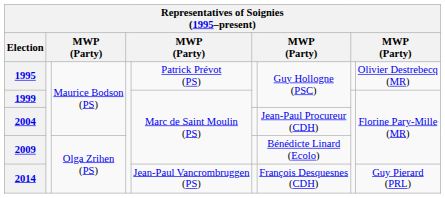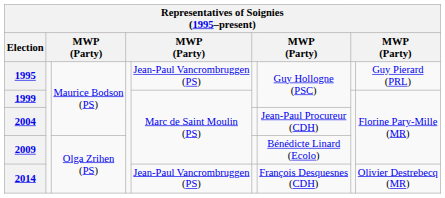 <table class="wikitable" style="text-align:center">
 <tr>
 <th colspan="9">Representatives of Soignies<br>(<a href='#'>1995</a>–present)</th>
 </tr>
 <tr>
 <th>Election</th>
 <th colspan=2>MWP<br>(Party)</th>
 <th colspan=2>MWP<br>(Party)</th>
 <th colspan=2>MWP<br>(Party)</th>
 <th colspan=2>MWP<br>(Party)</th>
 </tr>
 <tr>
 <th><a href='#'>1995</a></th>
 <td rowspan=5; style="background-color: "></td>
 <td rowspan=3><a href='#'>Maurice Bodson</a><br>(<a href='#'>PS</a>)</td>
 <td rowspan=5; style="background-color: "></td>
-<td rowspan=1><a href='#'>Patrick Prévot</a><br>(<a href='#'>PS</a>)</td>
+<td rowspan=1><a href='#'>Jean-Paul Vancrombruggen</a><br>(<a href='#'>PS</a>)</td>
 <td rowspan=2; style="background-color: "></td>
 <td rowspan=2><a href='#'>Guy Hollogne</a><br>(<a href='#'>PSC</a>)</td>
 <td rowspan=1; style="background-color: "></td>
-<td rowspan=1><a href='#'>Olivier Destrebecq</a><br>(<a href='#'>MR</a>)</td>
+<td rowspan=1><a href='#'>Guy Pierard</a><br>(<a href='#'>PRL</a>)</td>
 </tr>
 <tr>
 <th><a href='#'>1999</a></th>
 <td rowspan=3><a href='#'>Marc de Saint Moulin</a><br>(<a href='#'>PS</a>)</td>
 <td rowspan=4; style="background-color: "></td>
 <td rowspan=3><a href='#'>Florine Pary-Mille</a><br>(<a href='#'>MR</a>)</td>
 </tr>
 <tr>
 <th><a href='#'>2004</a></th>
 <td rowspan=1; style="background-color: "></td>
 <td rowspan=1><a href='#'>Jean-Paul Procureur</a><br>(<a href='#'>CDH</a>)</td>
 </tr>
 <tr>
 <th><a href='#'>2009</a></th>
 <td rowspan=2><a href='#'>Olga Zrihen</a><br>(<a href='#'>PS</a>)</td>
 <td rowspan=1; style="background-color: "></td>
 <td rowspan=1><a href='#'>Bénédicte Linard</a><br>(<a href='#'>Ecolo</a>)</td>
 </tr>
 <tr>
 <th><a href='#'>2014</a></th>
 <td rowspan=1><a href='#'>Jean-Paul Vancrombruggen</a><br>(<a href='#'>PS</a>)</td>
 <td rowspan=5; style="background-color: "></td>
 <td rowspan=1><a href='#'>François Desquesnes</a><br>(<a href='#'>CDH</a>)</td>
-<td rowspan=1><a href='#'>Guy Pierard</a><br>(<a href='#'>PRL</a>)</td>
+<td rowspan=1><a href='#'>Olivier Destrebecq</a><br>(<a href='#'>MR</a>)</td>
 </tr>
 </table>
